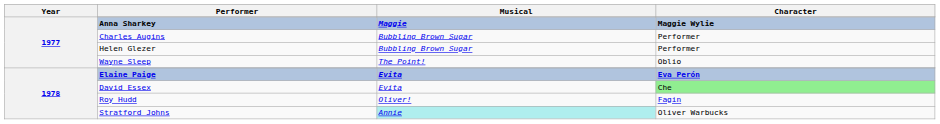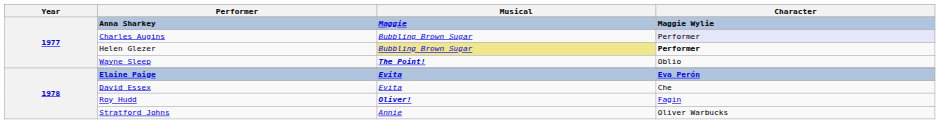 <table class="wikitable" style="width:98%;">
 <tr style="background:#bebebe;">
 <th style="width:10%;">Year</th>
 <th style="width:30%;">Performer</th>
 <th style="width:30%;">Musical</th>
 <th style="width:30%;">Character</th>
 </tr>
 <tr>
 <th rowspan="5" align="center"><a href='#'>1977</a></th>
 </tr>
 <tr style="background:#B0C4DE">
 <td><strong>Anna Sharkey</strong></td>
 <td><strong><em><a href='#'>Maggie</a></em></strong></td>
 <td><strong>Maggie Wylie</strong></td>
 </tr>
 <tr>
 <td><a href='#'>Charles Augins</a></td>
 <td><em><a href='#'>Bubbling Brown Sugar</a></em></td>
-<td>Performer</td>
+<td style="background: lavender;">Performer</td>
 </tr>
 <tr>
 <td>Helen Glezer</td>
-<td><em><a href='#'>Bubbling Brown Sugar</a></em></td>
-<td>Performer</td>
+<td style="background: khaki;"><em><a href='#'>Bubbling Brown Sugar</a></em></td>
+<td><strong>Performer</strong></td>
 </tr>
 <tr>
 <td><a href='#'>Wayne Sleep</a></td>
-<td><em><a href='#'>The Point!</a></em></td>
+<td><strong><em><a href='#'>The Point!</a></em></strong></td>
 <td>Oblio</td>
 </tr>
 <tr>
 <th rowspan="5" align="center"><a href='#'>1978</a></th>
 </tr>
 <tr style="background:#B0C4DE">
 <td><strong><a href='#'>Elaine Paige</a></strong></td>
 <td><strong><em><a href='#'>Evita</a></em></strong></td>
 <td><strong><a href='#'>Eva Perón</a></strong></td>
 </tr>
 <tr>
 <td><a href='#'>David Essex</a></td>
 <td><em><a href='#'>Evita</a></em></td>
-<td style="background: lightgreen;">Che</td>
+<td>Che</td>
 </tr>
 <tr>
 <td><a href='#'>Roy Hudd</a></td>
-<td><em><a href='#'>Oliver!</a></em></td>
+<td><strong><em><a href='#'>Oliver!</a></em></strong></td>
 <td><a href='#'>Fagin</a></td>
 </tr>
 <tr>
 <td><a href='#'>Stratford Johns</a></td>
-<td style="background: paleturquoise;"><em><a href='#'>Annie</a></em></td>
+<td><em><a href='#'>Annie</a></em></td>
 <td>Oliver Warbucks</td>
 </tr>
 </table>
